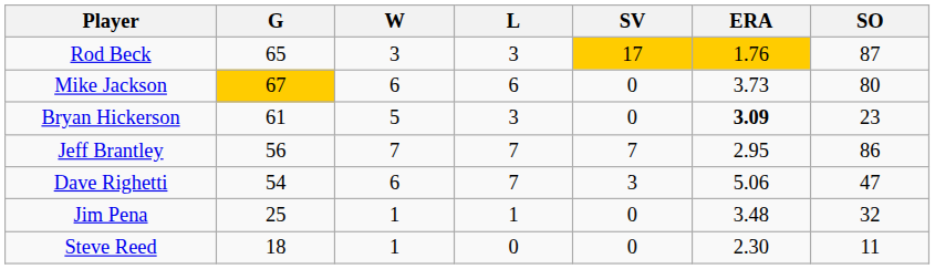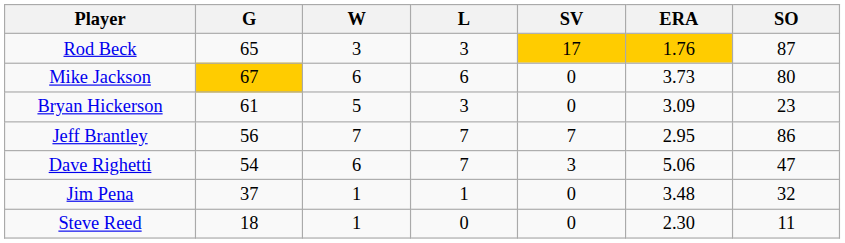 <table class="wikitable sortable">
 <tr>
 <th bgcolor="#DDDDFF" width="16%">Player</th>
 <th bgcolor="#DDDDFF" width="9%">G</th>
 <th bgcolor="#DDDDFF" width="9%">W</th>
 <th bgcolor="#DDDDFF" width="9%">L</th>
 <th bgcolor="#DDDDFF" width="9%">SV</th>
 <th bgcolor="#DDDDFF" width="9%">ERA</th>
 <th bgcolor="#DDDDFF" width="9%">SO</th>
 </tr>
 <tr align="center">
 <td><a href='#'>Rod Beck</a></td>
 <td>65</td>
 <td>3</td>
 <td>3</td>
 <td style="background:#fc0;">17</td>
 <td style="background:#fc0;">1.76</td>
 <td>87</td>
 </tr>
 <tr align=center>
 <td><a href='#'>Mike Jackson</a></td>
 <td style="background:#fc0;">67</td>
 <td>6</td>
 <td>6</td>
 <td>0</td>
 <td>3.73</td>
 <td>80</td>
 </tr>
 <tr align=center>
 <td><a href='#'>Bryan Hickerson</a></td>
 <td>61</td>
 <td>5</td>
 <td>3</td>
 <td>0</td>
-<td><strong>3.09</strong></td>
+<td>3.09</td>
 <td>23</td>
 </tr>
 <tr align=center>
 <td><a href='#'>Jeff Brantley</a></td>
 <td>56</td>
 <td>7</td>
 <td>7</td>
 <td>7</td>
 <td>2.95</td>
 <td>86</td>
 </tr>
 <tr align=center>
 <td><a href='#'>Dave Righetti</a></td>
 <td>54</td>
 <td>6</td>
 <td>7</td>
 <td>3</td>
 <td>5.06</td>
 <td>47</td>
 </tr>
 <tr align=center>
 <td><a href='#'>Jim Pena</a></td>
-<td>25</td>
+<td>37</td>
 <td>1</td>
 <td>1</td>
 <td>0</td>
 <td>3.48</td>
 <td>32</td>
 </tr>
 <tr align=center>
 <td><a href='#'>Steve Reed</a></td>
 <td>18</td>
 <td>1</td>
 <td>0</td>
 <td>0</td>
 <td>2.30</td>
 <td>11</td>
 </tr>
 </table>
